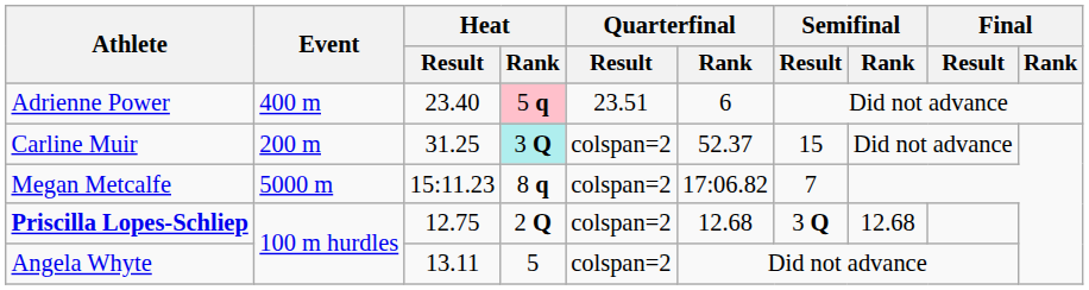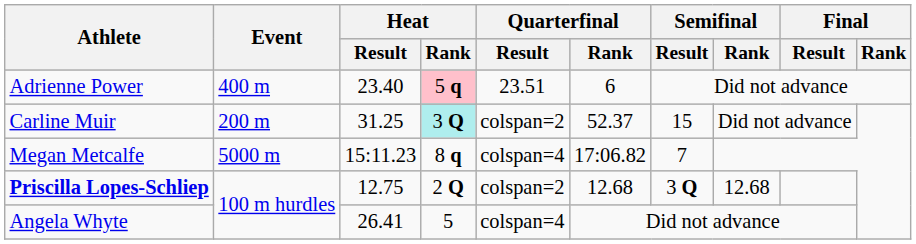 <table class=wikitable style="font-size:90%">
 <tr>
 <th rowspan="2">Athlete</th>
 <th rowspan="2">Event</th>
 <th colspan="2">Heat</th>
 <th colspan="2">Quarterfinal</th>
 <th colspan="2">Semifinal</th>
 <th colspan="2">Final</th>
 </tr>
 <tr style="font-size:95%">
 <th>Result</th>
 <th>Rank</th>
 <th>Result</th>
 <th>Rank</th>
 <th>Result</th>
 <th>Rank</th>
 <th>Result</th>
 <th>Rank</th>
 </tr>
 <tr align=center>
 <td align=left><a href='#'>Adrienne Power</a></td>
 <td align=left><a href='#'>400 m</a></td>
 <td>23.40</td>
 <td style="background: pink;">5 <strong>q</strong></td>
 <td>23.51</td>
 <td>6</td>
 <td colspan=4>Did not advance</td>
 </tr>
 <tr align=center>
 <td align=left><a href='#'>Carline Muir</a></td>
 <td align=left><a href='#'>200 m</a></td>
 <td>31.25</td>
 <td style="background: paleturquoise;">3 <strong>Q</strong></td>
 <td>colspan=2 </td>
 <td>52.37</td>
 <td>15</td>
 <td colspan=2>Did not advance</td>
 </tr>
 <tr align=center>
 <td align=left><a href='#'>Megan Metcalfe</a></td>
 <td align=left><a href='#'>5000 m</a></td>
 <td>15:11.23</td>
 <td>8 <strong>q</strong></td>
-<td>colspan=2 </td>
+<td>colspan=4 </td>
 <td>17:06.82</td>
 <td>7</td>
 </tr>
 <tr align=center>
 <td align=left><strong><a href='#'>Priscilla Lopes-Schliep</a></strong></td>
 <td align=left rowspan=2><a href='#'>100 m hurdles</a></td>
 <td>12.75</td>
 <td>2 <strong>Q</strong></td>
 <td>colspan=2 </td>
 <td>12.68</td>
 <td>3 <strong>Q</strong></td>
 <td>12.68</td>
 <td></td>
 </tr>
 <tr align=center>
 <td align=left><a href='#'>Angela Whyte</a></td>
-<td>13.11</td>
+<td>26.41</td>
 <td>5</td>
-<td>colspan=2 </td>
+<td>colspan=4 </td>
 <td colspan=4>Did not advance</td>
 </tr>
 </table>
